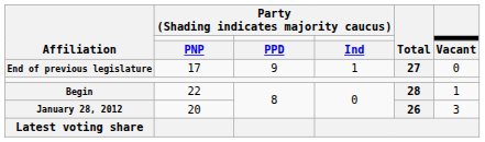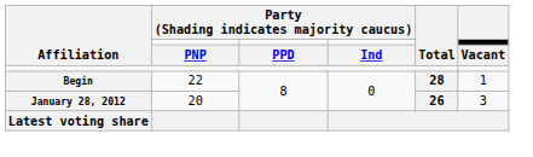 <table class=wikitable style="text-align:center">
 <tr valign=bottom>
 <th rowspan=3>Affiliation</th>
 <th colspan=3>Party <div>(Shading indicates majority caucus)</div></th>
 <th rowspan=3>Total</th>
 <th></th>
 </tr>
 <tr style="height:5px">
 <td style="background-color:"></td>
 <td style="background-color:"></td>
 <td style="background-color:"></td>
 <td bgcolor=black></td>
 </tr>
 <tr>
 <th><a href='#'>PNP</a></th>
 <th><a href='#'>PPD</a></th>
 <th><a href='#'>Ind</a></th>
 <th>Vacant</th>
-</tr>
-<tr>
-<th nowrap style="font-size:80%">End of previous legislature</th>
-<td>17</td>
-<td>9</td>
-<td>1</td>
-<th>27</th>
-<td>0</td>
 </tr>
 <tr>
 <td colspan=5></td>
 </tr>
 <tr>
 <th nowrap style="font-size:80%">Begin</th>
 <td>22</td>
 <td rowspan=2>8</td>
 <td rowspan=2>0</td>
 <th>28</th>
 <td>1</td>
 </tr>
 <tr>
 <th nowrap style="font-size:80%">January 28, 2012</th>
 <td>20</td>
 <th>26</th>
 <td>3</td>
 </tr>
 <tr>
 <th>Latest voting share</th>
 <th></th>
 <th></th>
 <th colspan=3></th>
 </tr>
 </table>
